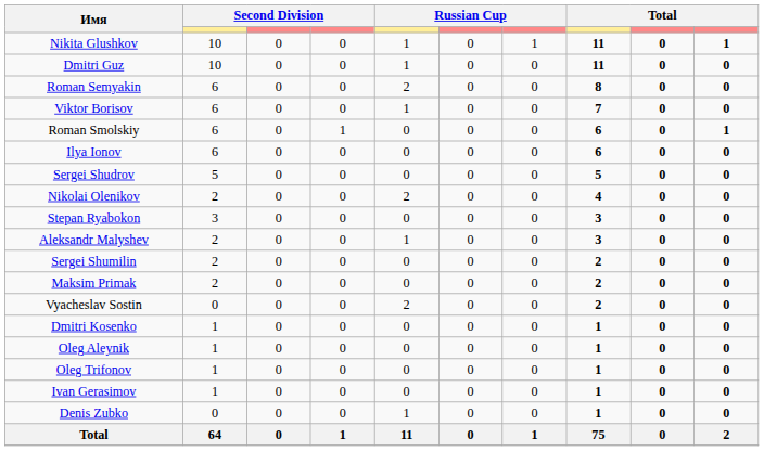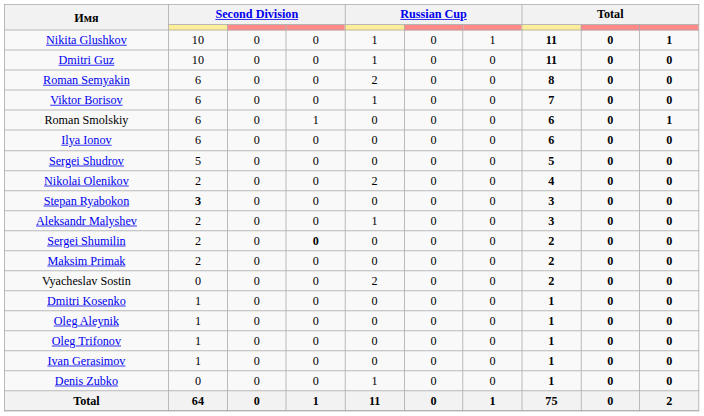 <table class="wikitable" style="font-size: 95%; text-align: center;">
 <tr>
 <th width=199px rowspan=2>Имя</th>
 <th colspan=3><a href='#'>Second Division</a></th>
 <th colspan=3><a href='#'>Russian Cup</a></th>
 <th colspan=3>Total</th>
 </tr>
 <tr>
 <th width=67px style="background:#FFEE99"></th>
 <th width=67px style="background:#FF8888"></th>
 <th width=67px style="background:#FF8888"></th>
 <th width=67px style="background:#FFEE99"></th>
 <th width=67px style="background:#FF8888"></th>
 <th width=67px style="background:#FF8888"></th>
 <th width=67px style="background:#FFEE99"></th>
 <th width=67px style="background:#FF8888"></th>
 <th width=67px style="background:#FF8888"></th>
 </tr>
 <tr>
 <td><a href='#'>Nikita Glushkov</a></td>
 <td>10</td>
 <td>0</td>
 <td>0</td>
 <td>1</td>
 <td>0</td>
 <td>1</td>
 <td><strong>11</strong></td>
 <td><strong>0</strong></td>
 <td><strong>1</strong></td>
 </tr>
 <tr>
 <td><a href='#'>Dmitri Guz</a></td>
 <td>10</td>
 <td>0</td>
 <td>0</td>
 <td>1</td>
 <td>0</td>
 <td>0</td>
 <td><strong>11</strong></td>
 <td><strong>0</strong></td>
 <td><strong>0</strong></td>
 </tr>
 <tr>
 <td><a href='#'>Roman Semyakin</a></td>
 <td>6</td>
 <td>0</td>
 <td>0</td>
 <td>2</td>
 <td>0</td>
 <td>0</td>
 <td><strong>8</strong></td>
 <td><strong>0</strong></td>
 <td><strong>0</strong></td>
 </tr>
 <tr>
 <td><a href='#'>Viktor Borisov</a></td>
 <td>6</td>
 <td>0</td>
 <td>0</td>
 <td>1</td>
 <td>0</td>
 <td>0</td>
 <td><strong>7</strong></td>
 <td><strong>0</strong></td>
 <td><strong>0</strong></td>
 </tr>
 <tr>
 <td>Roman Smolskiy</td>
 <td>6</td>
 <td>0</td>
 <td>1</td>
 <td>0</td>
 <td>0</td>
 <td>0</td>
 <td><strong>6</strong></td>
 <td><strong>0</strong></td>
 <td><strong>1</strong></td>
 </tr>
 <tr>
 <td><a href='#'>Ilya Ionov</a></td>
 <td>6</td>
 <td>0</td>
 <td>0</td>
 <td>0</td>
 <td>0</td>
 <td>0</td>
 <td><strong>6</strong></td>
 <td><strong>0</strong></td>
 <td><strong>0</strong></td>
 </tr>
 <tr>
 <td><a href='#'>Sergei Shudrov</a></td>
 <td>5</td>
 <td>0</td>
 <td>0</td>
 <td>0</td>
 <td>0</td>
 <td>0</td>
 <td><strong>5</strong></td>
 <td><strong>0</strong></td>
 <td><strong>0</strong></td>
 </tr>
 <tr>
 <td><a href='#'>Nikolai Olenikov</a></td>
 <td>2</td>
 <td>0</td>
 <td>0</td>
 <td>2</td>
 <td>0</td>
 <td>0</td>
 <td><strong>4</strong></td>
 <td><strong>0</strong></td>
 <td><strong>0</strong></td>
 </tr>
 <tr>
 <td><a href='#'>Stepan Ryabokon</a></td>
-<td>3</td>
+<td><strong>3</strong></td>
 <td>0</td>
 <td>0</td>
 <td>0</td>
 <td>0</td>
 <td>0</td>
 <td><strong>3</strong></td>
 <td><strong>0</strong></td>
 <td><strong>0</strong></td>
 </tr>
 <tr>
 <td><a href='#'>Aleksandr Malyshev</a></td>
 <td>2</td>
 <td>0</td>
 <td>0</td>
 <td>1</td>
 <td>0</td>
 <td>0</td>
 <td><strong>3</strong></td>
 <td><strong>0</strong></td>
 <td><strong>0</strong></td>
 </tr>
 <tr>
 <td><a href='#'>Sergei Shumilin</a></td>
 <td>2</td>
 <td>0</td>
-<td>0</td>
+<td><strong>0</strong></td>
 <td>0</td>
 <td>0</td>
 <td>0</td>
 <td><strong>2</strong></td>
 <td><strong>0</strong></td>
 <td><strong>0</strong></td>
 </tr>
 <tr>
 <td><a href='#'>Maksim Primak</a></td>
 <td>2</td>
 <td>0</td>
 <td>0</td>
 <td>0</td>
 <td>0</td>
 <td>0</td>
 <td><strong>2</strong></td>
 <td><strong>0</strong></td>
 <td><strong>0</strong></td>
 </tr>
 <tr>
 <td>Vyacheslav Sostin</td>
 <td>0</td>
 <td>0</td>
 <td>0</td>
 <td>2</td>
 <td>0</td>
 <td>0</td>
 <td><strong>2</strong></td>
 <td><strong>0</strong></td>
 <td><strong>0</strong></td>
 </tr>
 <tr>
 <td><a href='#'>Dmitri Kosenko</a></td>
 <td>1</td>
 <td>0</td>
 <td>0</td>
 <td>0</td>
 <td>0</td>
 <td>0</td>
 <td><strong>1</strong></td>
 <td><strong>0</strong></td>
 <td><strong>0</strong></td>
 </tr>
 <tr>
 <td><a href='#'>Oleg Aleynik</a></td>
 <td>1</td>
 <td>0</td>
 <td>0</td>
 <td>0</td>
 <td>0</td>
 <td>0</td>
 <td><strong>1</strong></td>
 <td><strong>0</strong></td>
 <td><strong>0</strong></td>
 </tr>
 <tr>
 <td><a href='#'>Oleg Trifonov</a></td>
 <td>1</td>
 <td>0</td>
 <td>0</td>
 <td>0</td>
 <td>0</td>
 <td>0</td>
 <td><strong>1</strong></td>
 <td><strong>0</strong></td>
 <td><strong>0</strong></td>
 </tr>
 <tr>
 <td><a href='#'>Ivan Gerasimov</a></td>
 <td>1</td>
 <td>0</td>
 <td>0</td>
 <td>0</td>
 <td>0</td>
 <td>0</td>
 <td><strong>1</strong></td>
 <td><strong>0</strong></td>
 <td><strong>0</strong></td>
 </tr>
 <tr>
 <td><a href='#'>Denis Zubko</a></td>
 <td>0</td>
 <td>0</td>
 <td>0</td>
 <td>1</td>
 <td>0</td>
 <td>0</td>
 <td><strong>1</strong></td>
 <td><strong>0</strong></td>
 <td><strong>0</strong></td>
 </tr>
 <tr>
 <th>Total</th>
 <th>64</th>
 <th>0</th>
 <th>1</th>
 <th>11</th>
 <th>0</th>
 <th>1</th>
 <th><strong>75</strong></th>
 <th><strong>0</strong></th>
 <th><strong>2</strong></th>
 </tr>
 <tr>
 </tr>
 </table>
